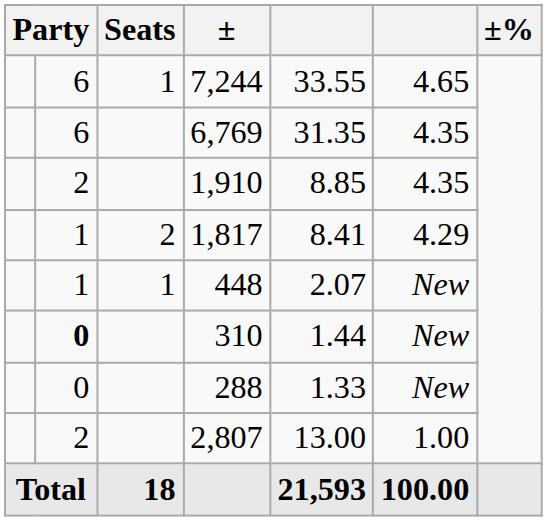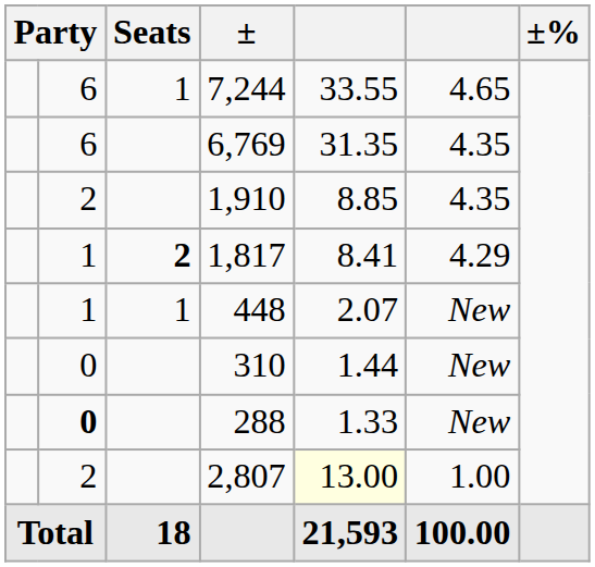 <table class=wikitable>
 <tr>
 <th colspan=2 align=center>Party</th>
 <th>Seats</th>
 <th>±</th>
 <th></th>
 <th></th>
 <th>±%</th>
 </tr>
 <tr>
 <td></td>
 <td align=right>6</td>
 <td align=right>1</td>
 <td align=right>7,244</td>
 <td align=right>33.55</td>
 <td align=right>4.65</td>
 </tr>
 <tr>
 <td></td>
 <td align=right>6</td>
 <td align=right></td>
 <td align=right>6,769</td>
 <td align=right>31.35</td>
 <td align=right>4.35</td>
 </tr>
 <tr>
 <td></td>
 <td align=right>2</td>
 <td align=right></td>
 <td align=right>1,910</td>
 <td align=right>8.85</td>
 <td align=right>4.35</td>
 </tr>
 <tr>
 <td></td>
 <td align=right>1</td>
-<td align=right> 2</td>
+<td align=right><strong> 2</strong></td>
 <td align=right>1,817</td>
 <td align=right>8.41</td>
 <td align=right>4.29</td>
 </tr>
 <tr>
 <td></td>
 <td align=right>1</td>
 <td align=right> 1</td>
 <td align=right>448</td>
 <td align=right>2.07</td>
 <td align=right><em>New</em></td>
 </tr>
 <tr>
 <td></td>
-<td align=right><strong>0</strong></td>
+<td align=right>0</td>
 <td align=right></td>
 <td align=right>310</td>
 <td align=right>1.44</td>
 <td align=right><em>New</em></td>
 </tr>
 <tr>
 <td></td>
-<td align=right>0</td>
+<td align=right><strong>0</strong></td>
 <td align=right></td>
 <td align=right>288</td>
 <td align=right>1.33</td>
 <td align=right><em>New</em></td>
 </tr>
 <tr>
 <td></td>
 <td align=right>2</td>
 <td align=right></td>
 <td align=right>2,807</td>
-<td align=right>13.00</td>
+<td align=right style="background: lightyellow;">13.00</td>
 <td align=right>1.00</td>
 </tr>
 <tr style="font-weight:bold; background:rgb(232,232,232);">
 <td colspan=2 align=center>Total</td>
 <td align=right>18</td>
 <td align=right></td>
 <td align=right>21,593</td>
 <td align=center>100.00</td>
 <td align=center></td>
 </tr>
 </table>
